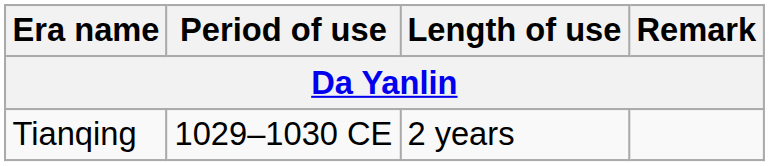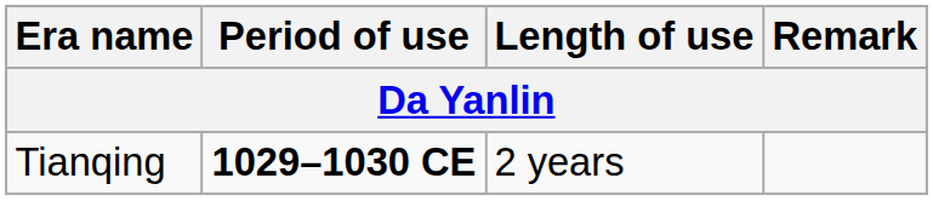 <table class="wikitable">
 <tr>
 <th>Era name</th>
 <th>Period of use</th>
 <th>Length of use</th>
 <th>Remark</th>
 </tr>
 <tr>
 <th colspan="4"><a href='#'>Da Yanlin</a><br></th>
 </tr>
 <tr>
 <td>Tianqing<br></td>
-<td>1029–1030 CE</td>
+<td><strong>1029–1030 CE</strong></td>
 <td>2 years</td>
 <td></td>
 </tr>
 </table>
